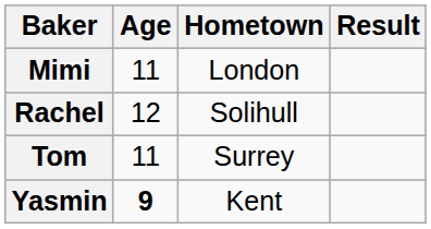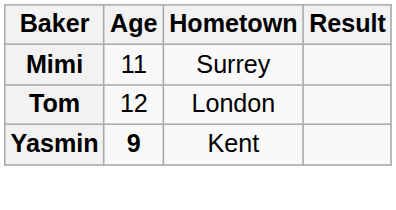 <table class="wikitable sortable" style="display:inline-table; text-align:center">
 <tr>
 <th scope="col">Baker</th>
 <th scope="col">Age</th>
 <th scope="col">Hometown</th>
 <th scope="col">Result</th>
 </tr>
 <tr>
 <th scope="row">Mimi</th>
 <td>11</td>
-<td>London</td>
-<td></td>
-</tr>
-<tr>
-<th scope="row">Rachel</th>
-<td>12</td>
-<td>Solihull</td>
+<td>Surrey</td>
 <td></td>
 </tr>
 <tr>
 <th scope="row">Tom</th>
-<td>11</td>
-<td>Surrey</td>
+<td>12</td>
+<td>London</td>
 <td></td>
 </tr>
 <tr>
 <th scope="row">Yasmin</th>
 <td><strong>9</strong></td>
 <td>Kent</td>
 <td></td>
 </tr>
 </table>
